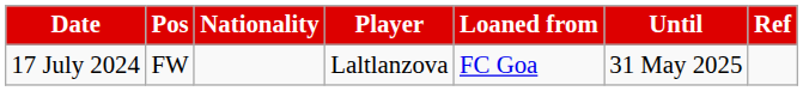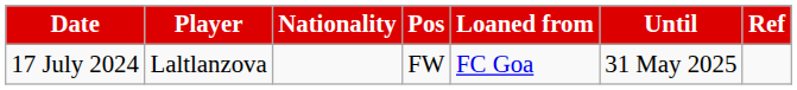 <table class="wikitable" style="text-align:center;">
 <tr>
 <th style="background:#DD0000; color:#FFFFFF; ">Date</th>
+<th style="background:#DD0000; color:#FFFFFF; ">Player</th>
+<th style="background:#DD0000; color:#FFFFFF; ">Nationality</th>
 <th style="background:#DD0000; color:#FFFFFF; ">Pos</th>
-<th style="background:#DD0000; color:#FFFFFF; ">Nationality</th>
-<th style="background:#DD0000; color:#FFFFFF; ">Player</th>
 <th style="background:#DD0000; color:#FFFFFF; ">Loaned from</th>
 <th style="background:#DD0000; color:#FFFFFF; ">Until</th>
 <th style="background:#DD0000; color:#FFFFFF; ">Ref</th>
 </tr>
 <tr>
 <td>17 July 2024</td>
+<td style="text-align:left;">Laltlanzova</td>
+<td style="text-align:center;"></td>
 <td style="text-align:center;">FW</td>
-<td style="text-align:center;"></td>
-<td style="text-align:left;">Laltlanzova</td>
 <td style="text-align:left;"> <a href='#'>FC Goa</a></td>
 <td>31 May 2025</td>
 <td></td>
 </tr>
 </table>
